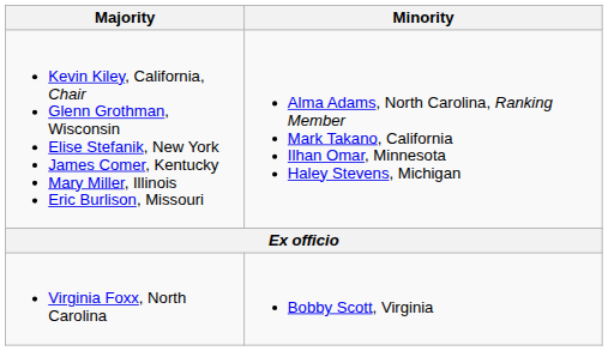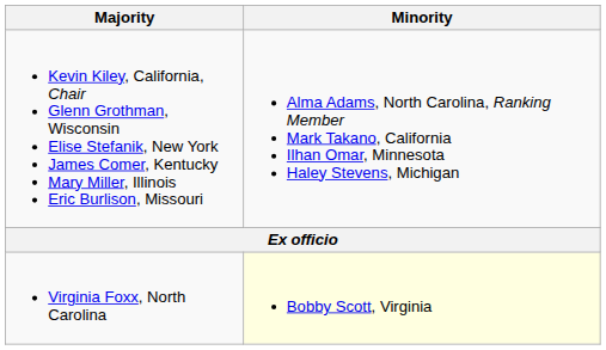 <table class=wikitable>
 <tr>
 <th>Majority</th>
 <th>Minority</th>
 </tr>
 <tr>
 <td><br><ul><li><a href='#'>Kevin Kiley</a>, California, <em>Chair</em></li><li><a href='#'>Glenn Grothman</a>, Wisconsin</li><li><a href='#'>Elise Stefanik</a>, New York</li><li><a href='#'>James Comer</a>, Kentucky</li><li><a href='#'>Mary Miller</a>, Illinois</li><li><a href='#'>Eric Burlison</a>, Missouri</li></ul></td>
 <td><br><ul><li><a href='#'>Alma Adams</a>, North Carolina, <em>Ranking Member</em></li><li><a href='#'>Mark Takano</a>, California</li><li><a href='#'>Ilhan Omar</a>, Minnesota</li><li><a href='#'>Haley Stevens</a>, Michigan</li></ul></td>
 </tr>
 <tr>
 <th colspan=2><em>Ex officio</em></th>
 </tr>
 <tr>
 <td><br><ul><li><a href='#'>Virginia Foxx</a>, North Carolina</li></ul></td>
-<td><br><ul><li><a href='#'>Bobby Scott</a>, Virginia</li></ul></td>
+<td style="background: lightyellow;"><br><ul><li><a href='#'>Bobby Scott</a>, Virginia</li></ul></td>
 </tr>
 </table>
